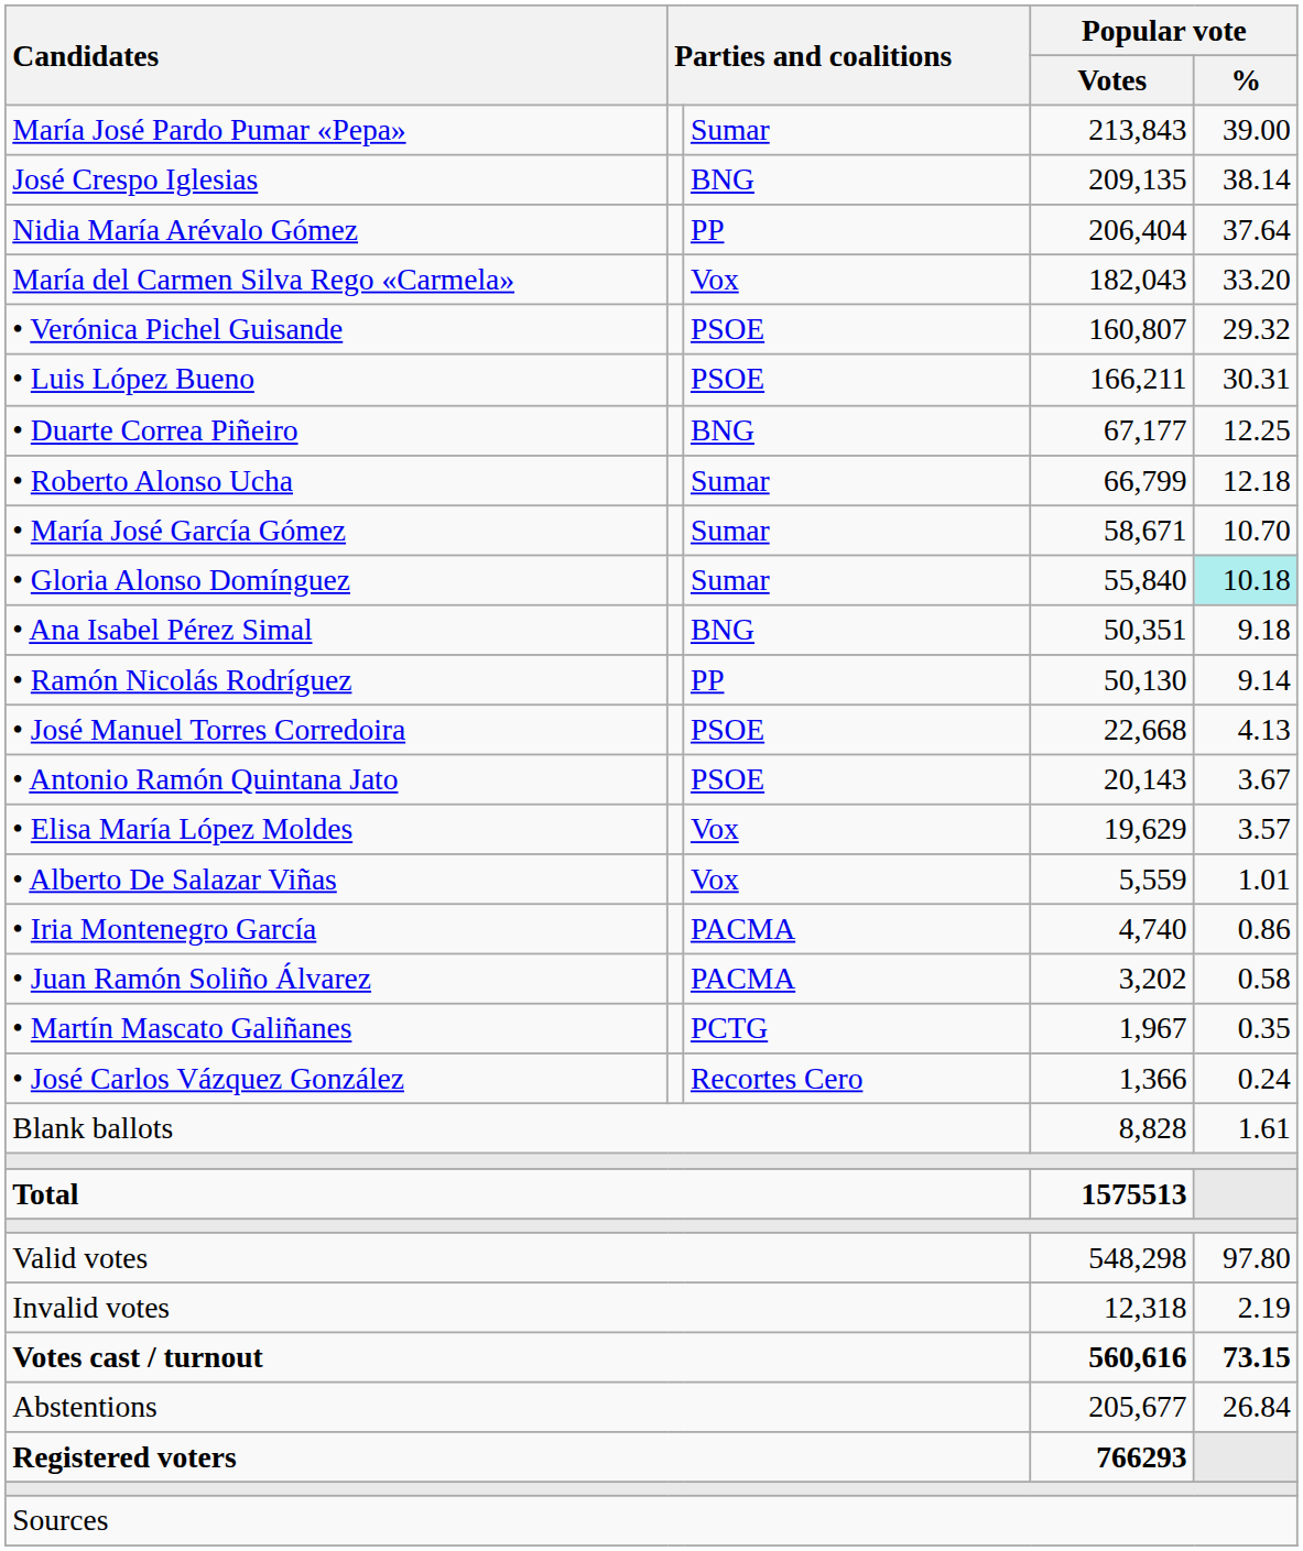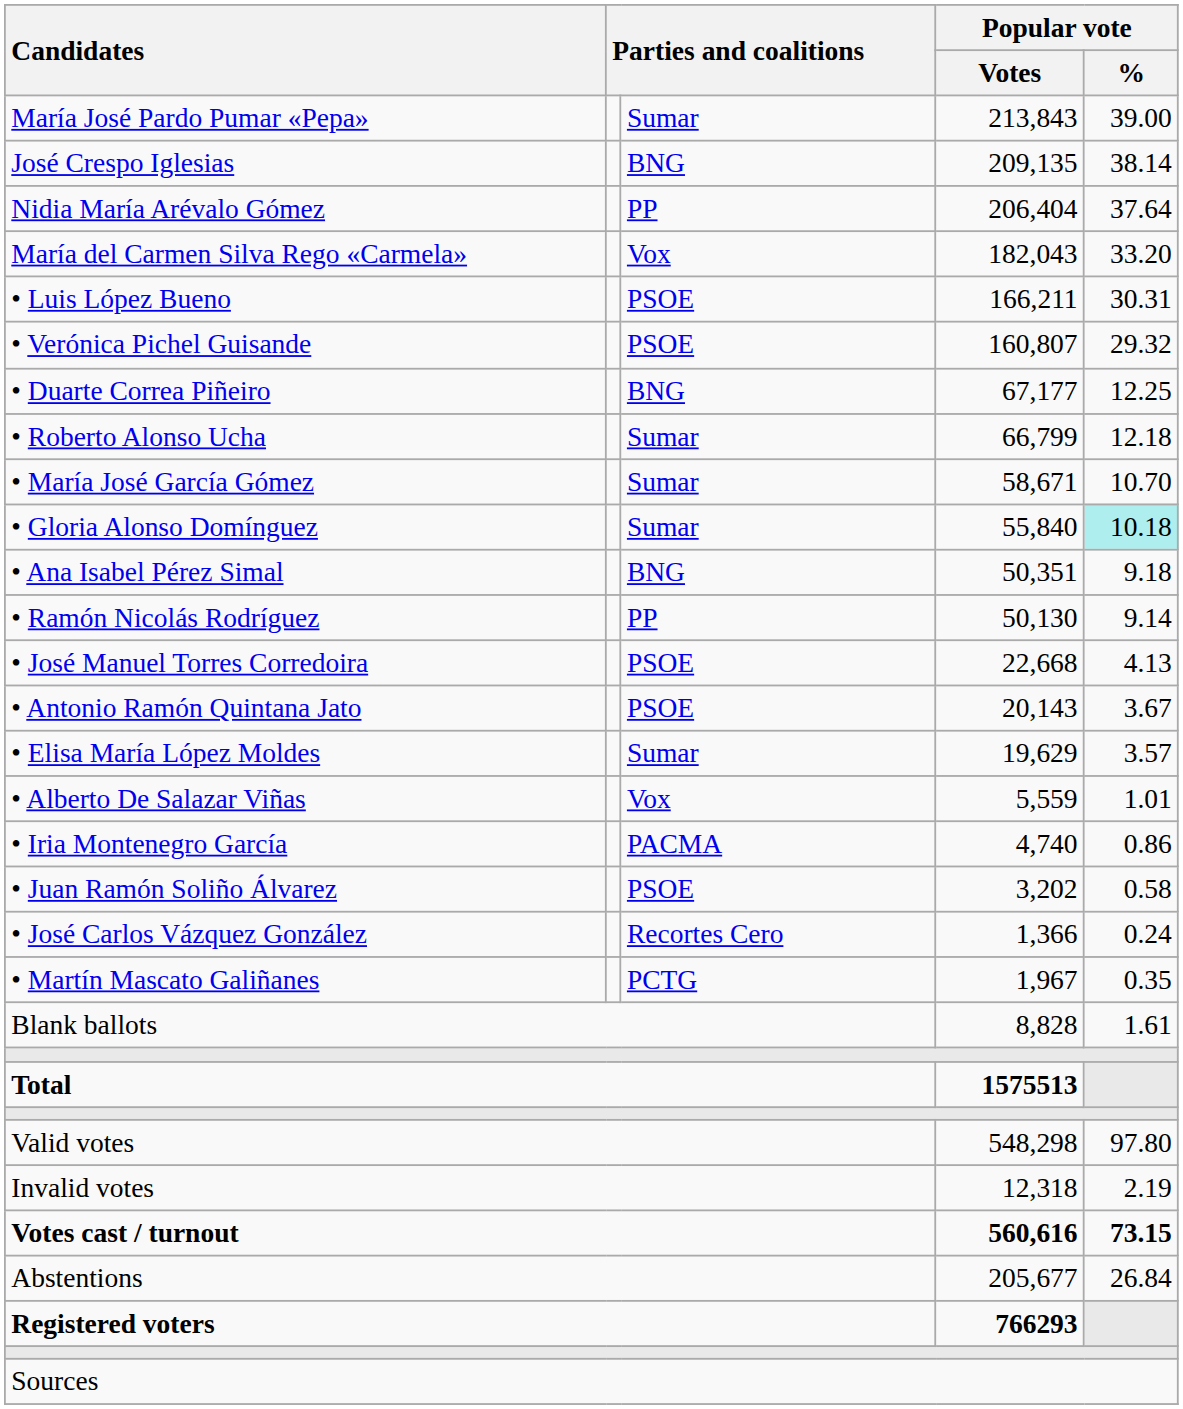 <table class="wikitable" style="text-align:right; font-size:95%;">
 <tr>
 <th style="text-align:left;" rowspan="2" width="325">Candidates</th>
 <th style="text-align:left;" rowspan="2" colspan="2" width="175">Parties and coalitions</th>
 <th colspan="2">Popular vote</th>
 </tr>
 <tr>
 <th width="75">Votes</th>
 <th width="45">%</th>
 </tr>
 <tr>
 <td align="left"> <a href='#'>María José Pardo Pumar «Pepa»</a></td>
 <td width="1" style="color:inherit;background:"></td>
 <td align="left"><a href='#'>Sumar</a></td>
 <td>213,843</td>
 <td>39.00</td>
 </tr>
 <tr>
 <td align="left"> <a href='#'>José Crespo Iglesias</a></td>
 <td width="1" style="color:inherit;background:"></td>
 <td align="left"><a href='#'>BNG</a></td>
 <td>209,135</td>
 <td>38.14</td>
 </tr>
 <tr>
 <td align="left"> <a href='#'>Nidia María Arévalo Gómez</a></td>
 <td width="1" style="color:inherit;background:"></td>
 <td align="left"><a href='#'>PP</a></td>
 <td>206,404</td>
 <td>37.64</td>
 </tr>
 <tr>
 <td align="left"> <a href='#'>María del Carmen Silva Rego «Carmela»</a></td>
 <td width="1" style="color:inherit;background:"></td>
 <td align="left"><a href='#'>Vox</a></td>
 <td>182,043</td>
 <td>33.20</td>
 </tr>
 <tr>
+<td align="left">• <a href='#'>Luis López Bueno</a></td>
+<td width="1" style="color:inherit;background:"></td>
+<td align="left"><a href='#'>PSOE</a></td>
+<td>166,211</td>
+<td>30.31</td>
+</tr>
+<tr>
 <td align="left">• <a href='#'>Verónica Pichel Guisande</a></td>
 <td width="1" style="color:inherit;background:"></td>
 <td align="left"><a href='#'>PSOE</a></td>
 <td>160,807</td>
 <td>29.32</td>
-</tr>
-<tr>
-<td align="left">• <a href='#'>Luis López Bueno</a></td>
-<td width="1" style="color:inherit;background:"></td>
-<td align="left"><a href='#'>PSOE</a></td>
-<td>166,211</td>
-<td>30.31</td>
 </tr>
 <tr>
 <td align="left">• <a href='#'>Duarte Correa Piñeiro</a></td>
 <td width="1" style="color:inherit;background:"></td>
 <td align="left"><a href='#'>BNG</a></td>
 <td>67,177</td>
 <td>12.25</td>
 </tr>
 <tr>
 <td align="left">• <a href='#'>Roberto Alonso Ucha</a></td>
 <td width="1" style="color:inherit;background:"></td>
 <td align="left"><a href='#'>Sumar</a></td>
 <td>66,799</td>
 <td>12.18</td>
 </tr>
 <tr>
 <td align="left">• <a href='#'>María José García Gómez</a></td>
 <td width="1" style="color:inherit;background:"></td>
 <td align="left"><a href='#'>Sumar</a></td>
 <td>58,671</td>
 <td>10.70</td>
 </tr>
 <tr>
 <td align="left">• <a href='#'>Gloria Alonso Domínguez</a></td>
 <td width="1" style="color:inherit;background:"></td>
 <td align="left"><a href='#'>Sumar</a></td>
 <td>55,840</td>
 <td style="background: paleturquoise;">10.18</td>
 </tr>
 <tr>
 <td align="left">• <a href='#'>Ana Isabel Pérez Simal</a></td>
 <td width="1" style="color:inherit;background:"></td>
 <td align="left"><a href='#'>BNG</a></td>
 <td>50,351</td>
 <td>9.18</td>
 </tr>
 <tr>
 <td align="left">• <a href='#'>Ramón Nicolás Rodríguez</a></td>
 <td width="1" style="color:inherit;background:"></td>
 <td align="left"><a href='#'>PP</a></td>
 <td>50,130</td>
 <td>9.14</td>
 </tr>
 <tr>
 <td align="left">• <a href='#'>José Manuel Torres Corredoira</a></td>
 <td width="1" style="color:inherit;background:"></td>
 <td align="left"><a href='#'>PSOE</a></td>
 <td>22,668</td>
 <td>4.13</td>
 </tr>
 <tr>
 <td align="left">• <a href='#'>Antonio Ramón Quintana Jato</a></td>
 <td width="1" style="color:inherit;background:"></td>
 <td align="left"><a href='#'>PSOE</a></td>
 <td>20,143</td>
 <td>3.67</td>
 </tr>
 <tr>
 <td align="left">• <a href='#'>Elisa María López Moldes</a></td>
 <td width="1" style="color:inherit;background:"></td>
-<td align="left"><a href='#'>Vox</a></td>
+<td align="left"><a href='#'>Sumar</a></td>
 <td>19,629</td>
 <td>3.57</td>
 </tr>
 <tr>
 <td align="left">• <a href='#'>Alberto De Salazar Viñas</a></td>
 <td width="1" style="color:inherit;background:"></td>
 <td align="left"><a href='#'>Vox</a></td>
 <td>5,559</td>
 <td>1.01</td>
 </tr>
 <tr>
 <td align="left">• <a href='#'>Iria Montenegro García</a></td>
 <td width="1" style="color:inherit;background:"></td>
 <td align="left"><a href='#'>PACMA</a></td>
 <td>4,740</td>
 <td>0.86</td>
 </tr>
 <tr>
 <td align="left">• <a href='#'>Juan Ramón Soliño Álvarez</a></td>
 <td width="1" style="color:inherit;background:"></td>
-<td align="left"><a href='#'>PACMA</a></td>
+<td align="left"><a href='#'>PSOE</a></td>
 <td>3,202</td>
 <td>0.58</td>
+</tr>
+<tr>
+<td align="left">• <a href='#'>José Carlos Vázquez González</a></td>
+<td width="1" style="color:inherit;background:"></td>
+<td align="left"><a href='#'>Recortes Cero</a></td>
+<td>1,366</td>
+<td>0.24</td>
 </tr>
 <tr>
 <td align="left">• <a href='#'>Martín Mascato Galiñanes</a></td>
 <td width="1" style="color:inherit;background:"></td>
 <td align="left"><a href='#'>PCTG</a></td>
 <td>1,967</td>
 <td>0.35</td>
-</tr>
-<tr>
-<td align="left">• <a href='#'>José Carlos Vázquez González</a></td>
-<td width="1" style="color:inherit;background:"></td>
-<td align="left"><a href='#'>Recortes Cero</a></td>
-<td>1,366</td>
-<td>0.24</td>
 </tr>
 <tr>
 <td align="left" colspan="3">Blank ballots</td>
 <td>8,828</td>
 <td>1.61</td>
 </tr>
 <tr>
 <td colspan="5" bgcolor="#E9E9E9"></td>
 </tr>
 <tr style="font-weight:bold;">
 <td align="left" colspan="3">Total</td>
 <td>1575513</td>
 <td bgcolor="#E9E9E9"></td>
 </tr>
 <tr>
 <td colspan="5" bgcolor="#E9E9E9"></td>
 </tr>
 <tr>
 <td align="left" colspan="3">Valid votes</td>
 <td>548,298</td>
 <td>97.80</td>
 </tr>
 <tr>
 <td align="left" colspan="3">Invalid votes</td>
 <td>12,318</td>
 <td>2.19</td>
 </tr>
 <tr style="font-weight:bold;">
 <td align="left" colspan="3">Votes cast / turnout</td>
 <td>560,616</td>
 <td>73.15</td>
 </tr>
 <tr>
 <td align="left" colspan="3">Abstentions</td>
 <td>205,677</td>
 <td>26.84</td>
 </tr>
 <tr style="font-weight:bold;">
 <td align="left" colspan="3">Registered voters</td>
 <td>766293</td>
 <td bgcolor="#E9E9E9"></td>
 </tr>
 <tr>
 <td colspan="5" bgcolor="#E9E9E9"></td>
 </tr>
 <tr>
 <td align="left" colspan="5">Sources</td>
 </tr>
 </table>
